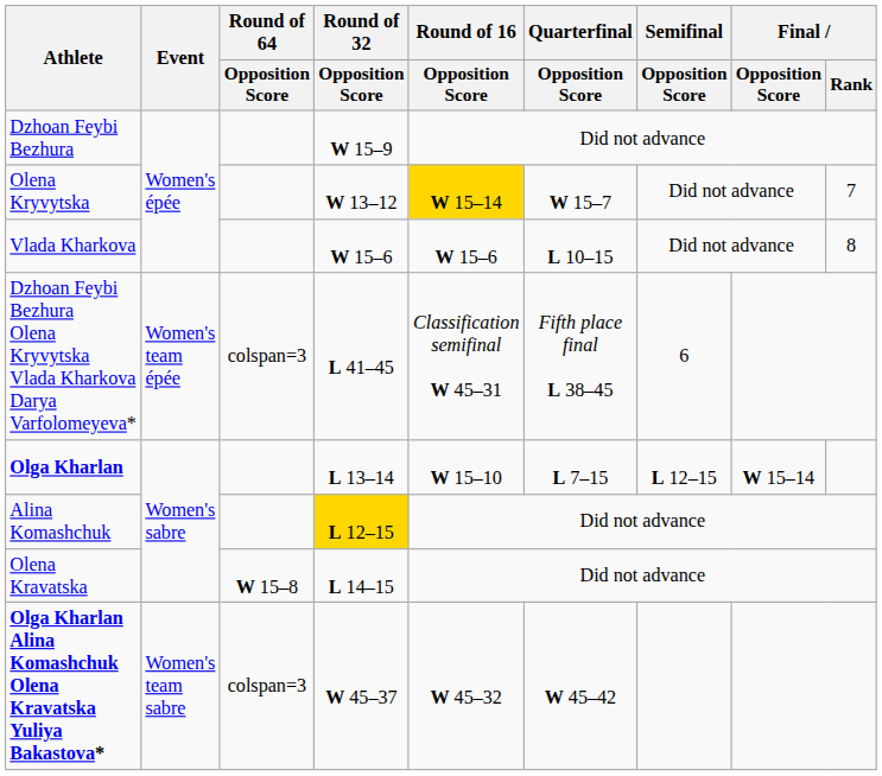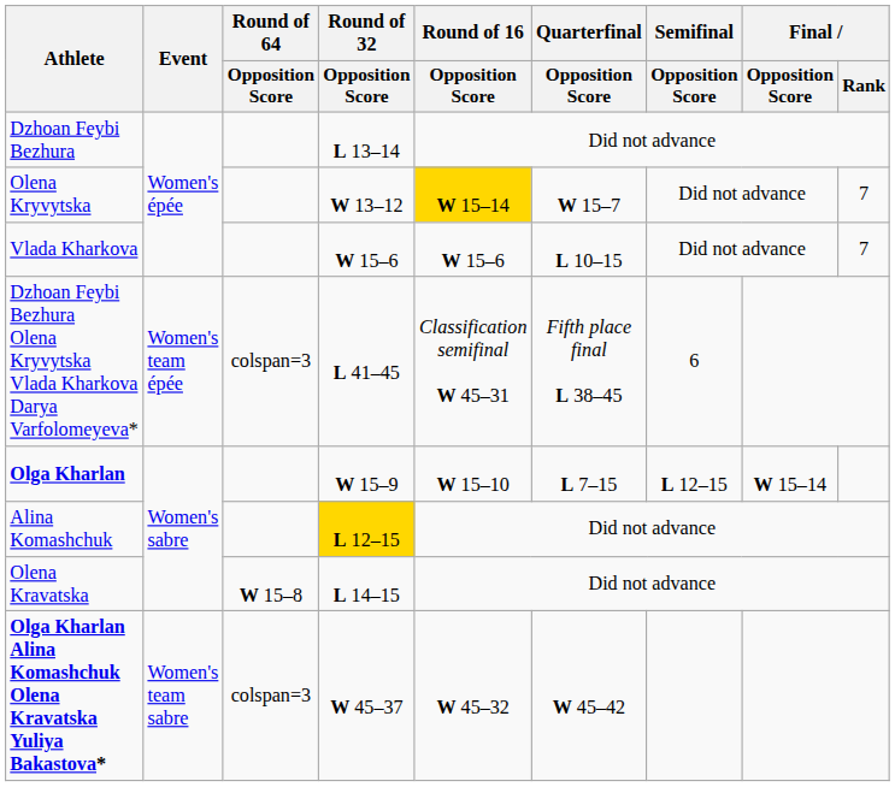 <table class="wikitable" style="font-size:90%">
 <tr>
 <th rowspan="2">Athlete</th>
 <th rowspan="2">Event</th>
 <th>Round of 64</th>
 <th>Round of 32</th>
 <th>Round of 16</th>
 <th>Quarterfinal</th>
 <th>Semifinal</th>
 <th colspan=2>Final / </th>
 </tr>
 <tr style="font-size:95%">
 <th>Opposition <br> Score</th>
 <th>Opposition <br> Score</th>
 <th>Opposition <br> Score</th>
 <th>Opposition <br> Score</th>
 <th>Opposition <br> Score</th>
 <th>Opposition <br> Score</th>
 <th>Rank</th>
 </tr>
 <tr align=center>
 <td align=left><a href='#'>Dzhoan Feybi Bezhura</a></td>
 <td align=left rowspan=3><a href='#'>Women's épée</a></td>
 <td></td>
-<td><br><strong>W</strong> 15–9</td>
+<td><br><strong>L</strong> 13–14</td>
 <td colspan=5>Did not advance</td>
 </tr>
 <tr align=center>
 <td align=left><a href='#'>Olena Kryvytska</a></td>
 <td></td>
 <td><br><strong>W</strong> 13–12</td>
 <td style="background: gold;"><br><strong>W</strong> 15–14</td>
 <td><br><strong>W</strong> 15–7</td>
 <td colspan=2>Did not advance</td>
 <td>7</td>
 </tr>
 <tr align=center>
 <td align=left><a href='#'>Vlada Kharkova</a></td>
 <td></td>
 <td><br><strong>W</strong> 15–6</td>
 <td><br><strong>W</strong> 15–6</td>
 <td><br><strong>L</strong> 10–15</td>
 <td colspan=2>Did not advance</td>
-<td>8</td>
+<td>7</td>
 </tr>
 <tr align=center>
 <td align=left><a href='#'>Dzhoan Feybi Bezhura</a><br><a href='#'>Olena Kryvytska</a><br><a href='#'>Vlada Kharkova</a><br><a href='#'>Darya Varfolomeyeva</a>*</td>
 <td align=left><a href='#'>Women's team épée</a></td>
 <td>colspan=3 </td>
 <td><br><strong>L</strong> 41–45</td>
 <td><em>Classification semifinal</em><br><br><strong>W</strong> 45–31</td>
 <td><em>Fifth place final</em><br><br><strong>L</strong> 38–45</td>
 <td>6</td>
 </tr>
 <tr align=center>
 <td align=left><strong><a href='#'>Olga Kharlan</a></strong></td>
 <td align=left rowspan=3><a href='#'>Women's sabre</a></td>
 <td></td>
-<td><br><strong>L</strong> 13–14</td>
+<td><br><strong>W</strong> 15–9</td>
 <td><br><strong>W</strong> 15–10</td>
 <td><br><strong>L</strong> 7–15</td>
 <td><br><strong>L</strong> 12–15</td>
 <td><br><strong>W</strong> 15–14</td>
 <td></td>
 </tr>
 <tr align=center>
 <td align=left><a href='#'>Alina Komashchuk</a></td>
 <td></td>
 <td style="background: gold;"><br><strong>L</strong> 12–15</td>
 <td colspan=5>Did not advance</td>
 </tr>
 <tr align=center>
 <td align=left><a href='#'>Olena Kravatska</a></td>
 <td><br><strong>W</strong> 15–8</td>
 <td><br><strong>L</strong> 14–15</td>
 <td colspan=5>Did not advance</td>
 </tr>
 <tr align=center>
 <td align=left><strong><a href='#'>Olga Kharlan</a><br><a href='#'>Alina Komashchuk</a><br><a href='#'>Olena Kravatska</a><br><a href='#'>Yuliya Bakastova</a>*</strong></td>
 <td align=left><a href='#'>Women's team sabre</a></td>
 <td>colspan=3 </td>
 <td><br><strong>W</strong> 45–37</td>
 <td><br><strong>W</strong> 45–32</td>
 <td><br><strong>W</strong> 45–42</td>
 <td></td>
 </tr>
 </table>
